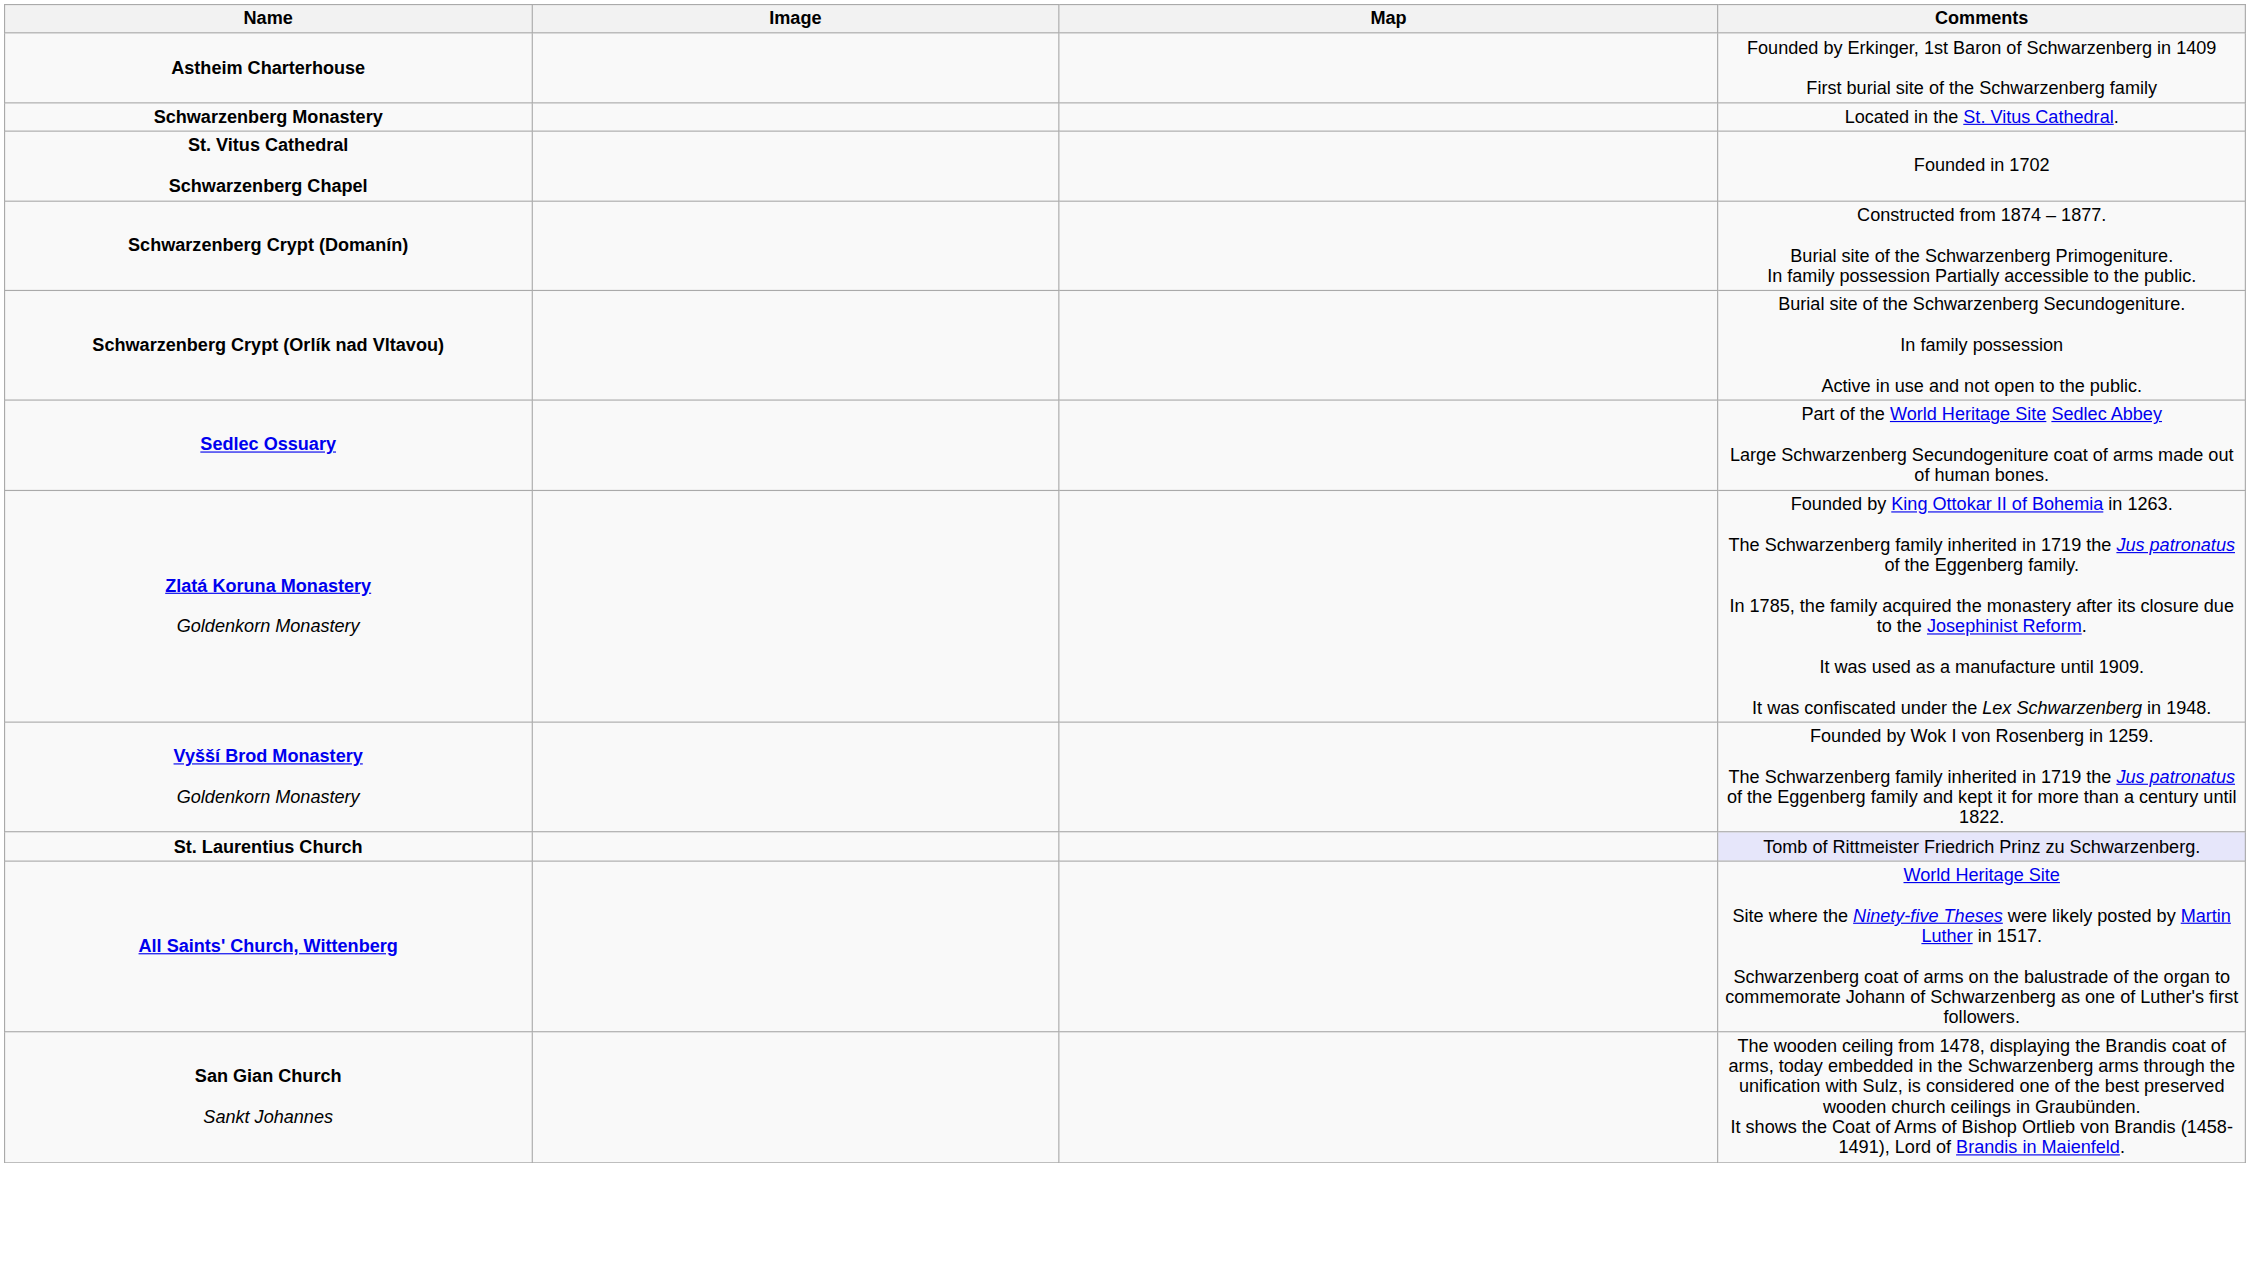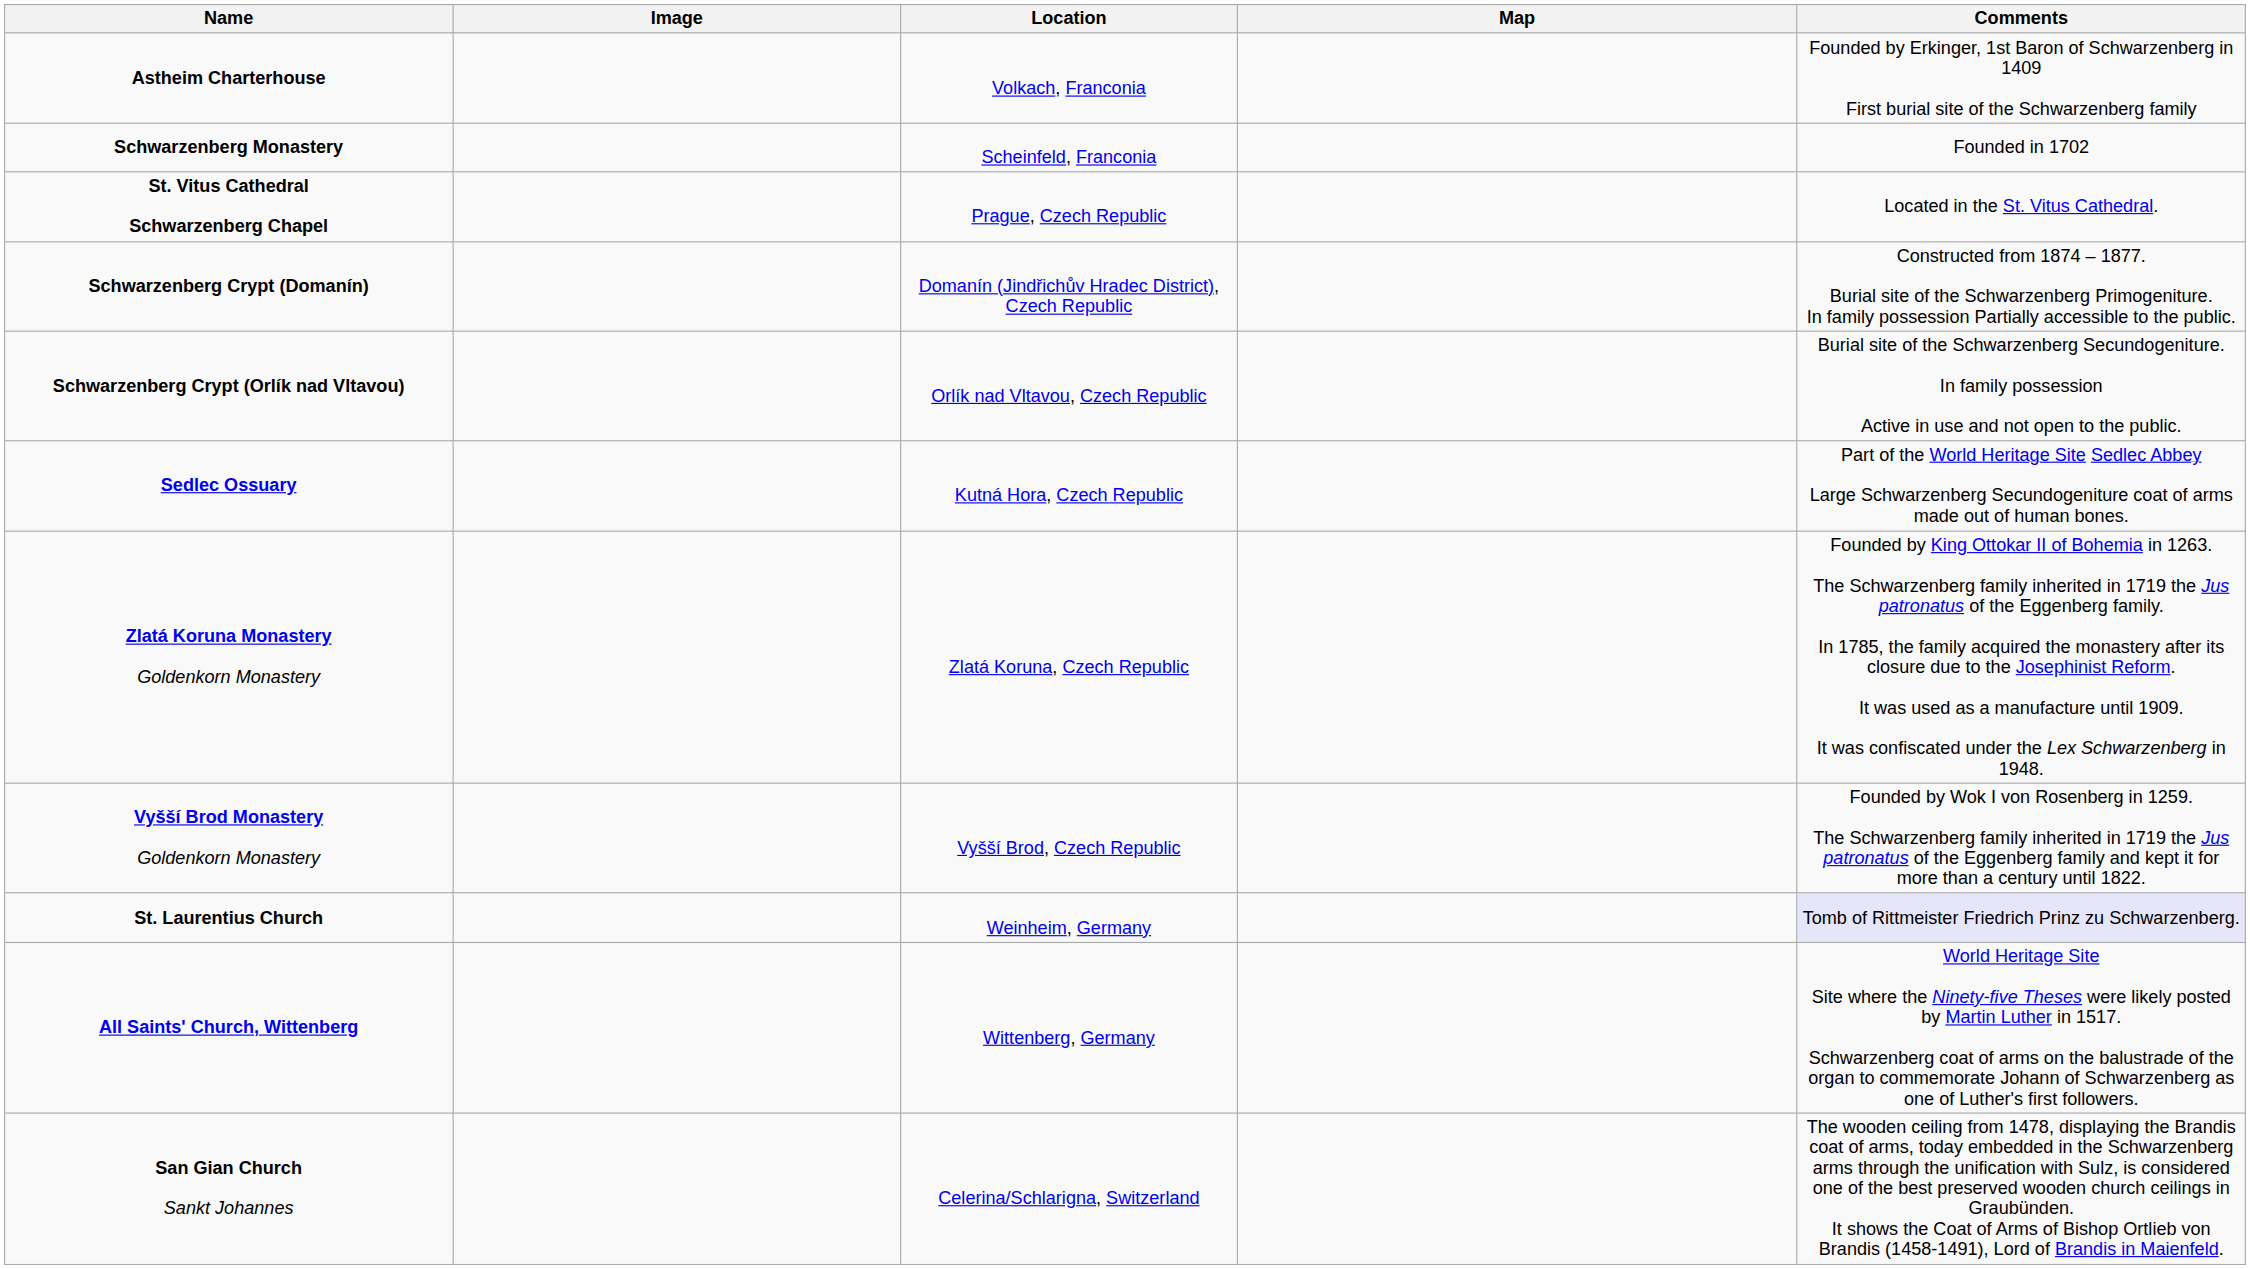 <table class="wikitable" style="text-align:center; width:100%">
 <tr>
 <th width=20%>Name</th>
 <th width=20%>Image</th>
+<th width=15%>Location</th>
 <th width=25%>Map</th>
 <th width=20%>Comments</th>
 </tr>
 <tr>
 <td><strong>Astheim Charterhouse</strong></td>
 <td></td>
+<td><br><a href='#'>Volkach</a>, <a href='#'>Franconia</a></td>
 <td></td>
 <td>Founded by Erkinger, 1st Baron of Schwarzenberg in 1409<br><br>First burial site of the Schwarzenberg family</td>
 </tr>
 <tr>
 <td><strong>Schwarzenberg Monastery</strong></td>
 <td></td>
+<td><br><a href='#'>Scheinfeld</a>, <a href='#'>Franconia</a></td>
+<td></td>
+<td>Founded in 1702</td>
+</tr>
+<tr>
+<td><strong>St. Vitus Cathedral<br><br>Schwarzenberg Chapel</strong></td>
+<td></td>
+<td><br><a href='#'>Prague</a>, <a href='#'>Czech Republic</a></td>
 <td></td>
 <td>Located in the <a href='#'>St. Vitus Cathedral</a>.</td>
 </tr>
 <tr>
-<td><strong>St. Vitus Cathedral<br><br>Schwarzenberg Chapel</strong></td>
-<td></td>
-<td></td>
-<td>Founded in 1702</td>
-</tr>
-<tr>
 <td><strong>Schwarzenberg Crypt (Domanín)</strong></td>
 <td></td>
+<td><br><a href='#'>Domanín (Jindřichův Hradec District)</a>, <a href='#'>Czech Republic</a></td>
 <td></td>
 <td>Constructed from 1874 – 1877.<br><br>Burial site of the Schwarzenberg Primogeniture.<br>In family possession Partially accessible to the public.</td>
 </tr>
 <tr>
 <td><strong>Schwarzenberg Crypt (Orlík nad Vltavou)</strong></td>
 <td></td>
+<td><br><a href='#'>Orlík nad Vltavou</a>, <a href='#'>Czech Republic</a></td>
 <td></td>
 <td>Burial site of the Schwarzenberg Secundogeniture.<br><br>In family possession<br><br>Active in use and not open to the public.</td>
 </tr>
 <tr>
 <td><strong><a href='#'>Sedlec Ossuary</a></strong></td>
 <td></td>
+<td><br><a href='#'>Kutná Hora</a>, <a href='#'>Czech Republic</a></td>
 <td></td>
 <td>Part of the <a href='#'>World Heritage Site</a> <a href='#'>Sedlec Abbey</a><br><br>Large Schwarzenberg Secundogeniture coat of arms made out of human bones.</td>
 </tr>
 <tr>
 <td><strong><a href='#'>Zlatá Koruna Monastery</a></strong><br><br><em>Goldenkorn Monastery</em></td>
 <td></td>
+<td><br><a href='#'>Zlatá Koruna</a>, <a href='#'>Czech Republic</a></td>
 <td></td>
 <td>Founded by <a href='#'>King Ottokar II of Bohemia</a> in 1263.<br><br>The Schwarzenberg family inherited in 1719 the <em><a href='#'>Jus patronatus</a></em> of the Eggenberg family.<br><br>In 1785, the family acquired the monastery after its closure due to the <a href='#'>Josephinist Reform</a>.<br><br>It was used as a manufacture until 1909.<br><br>It was confiscated under the <em>Lex Schwarzenberg</em> in 1948.</td>
 </tr>
 <tr>
 <td><strong><a href='#'>Vyšší Brod Monastery</a></strong><br><br><em>Goldenkorn Monastery</em></td>
 <td></td>
+<td><br><a href='#'>Vyšší Brod</a>, <a href='#'>Czech Republic</a></td>
 <td></td>
 <td>Founded by Wok I von Rosenberg in 1259.<br><br>The Schwarzenberg family inherited in 1719 the <em><a href='#'>Jus patronatus</a></em> of the Eggenberg family and kept it for more than a century until 1822.</td>
 </tr>
 <tr>
 <td><strong>St. Laurentius Church</strong></td>
 <td></td>
+<td><br><a href='#'>Weinheim</a>, <a href='#'>Germany</a></td>
 <td></td>
 <td style="background: lavender;">Tomb of Rittmeister Friedrich Prinz zu Schwarzenberg.</td>
 </tr>
 <tr>
 <td><strong><a href='#'>All Saints' Church, Wittenberg</a></strong></td>
 <td></td>
+<td><br><a href='#'>Wittenberg</a>, <a href='#'>Germany</a></td>
 <td></td>
 <td><a href='#'>World Heritage Site</a><br><br>Site where the <em><a href='#'>Ninety-five Theses</a></em> were likely posted by <a href='#'>Martin Luther</a> in 1517.<br><br>Schwarzenberg coat of arms on the balustrade of the organ to commemorate Johann of Schwarzenberg as one of Luther's first followers.</td>
 </tr>
 <tr>
 <td><strong>San Gian Church</strong><br><br><em>Sankt Johannes</em></td>
 <td></td>
+<td><br><a href='#'>Celerina/Schlarigna</a>, <a href='#'>Switzerland</a></td>
 <td></td>
 <td>The wooden ceiling from 1478, displaying the Brandis coat of arms, today embedded in the Schwarzenberg arms through the unification with Sulz, is considered one of the best preserved wooden church ceilings in Graubünden.<br>It shows the Coat of Arms of Bishop Ortlieb von Brandis (1458-1491), Lord of <a href='#'> Brandis in Maienfeld</a>.</td>
 </tr>
 </table>
